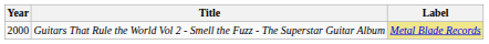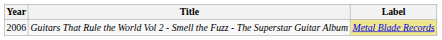 <table class="wikitable">
 <tr>
 <th>Year</th>
 <th>Title</th>
 <th>Label</th>
 </tr>
 <tr>
-<td>2000</td>
+<td>2006</td>
 <td><em>Guitars That Rule the World Vol 2 - Smell the Fuzz - The Superstar Guitar Album </em></td>
 <td style="background: khaki;"><em><a href='#'>Metal Blade Records</a></em></td>
 </tr>
 </table>
